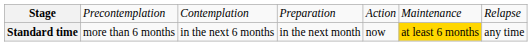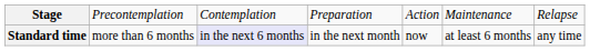 <table class="wikitable">
 <tr>
 <th>Stage</th>
 <td><em>Precontemplation</em></td>
 <td><em>Contemplation</em></td>
 <td><em>Preparation</em></td>
 <td><em>Action</em></td>
 <td><em>Maintenance</em></td>
 <td><em>Relapse</em></td>
 </tr>
 <tr>
 <th>Standard time</th>
 <td>more than 6 months</td>
-<td>in the next 6 months</td>
+<td style="background: lavender;">in the next 6 months</td>
 <td>in the next month</td>
 <td>now</td>
-<td style="background: gold;">at least 6 months</td>
+<td>at least 6 months</td>
 <td>any time</td>
 </tr>
 </table>
